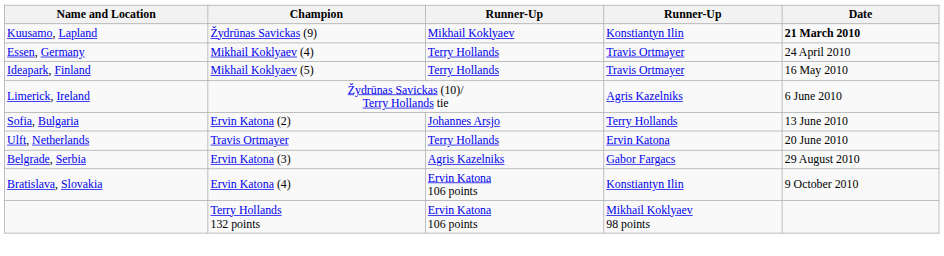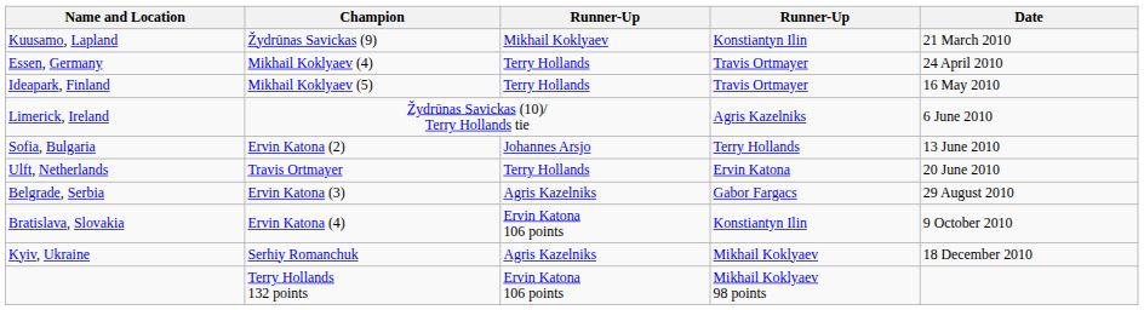 <table class="wikitable" style="display: inline-table;width: 100%;">
 <tr>
 <th scope="col">Name and Location</th>
 <th scope="col">Champion</th>
 <th scope="col">Runner-Up</th>
 <th scope="col">Runner-Up</th>
 <th scope="col">Date</th>
 </tr>
 <tr>
 <td> <a href='#'>Kuusamo</a>, <a href='#'>Lapland</a> <br></td>
 <td> <a href='#'>Žydrūnas Savickas</a> (9)</td>
 <td> <a href='#'>Mikhail Koklyaev</a></td>
 <td> <a href='#'>Konstiantyn Ilin</a></td>
-<td><strong>21 March 2010</strong></td>
+<td>21 March 2010</td>
 </tr>
 <tr>
 <td> <a href='#'>Essen</a>, <a href='#'>Germany</a> <br></td>
 <td> <a href='#'>Mikhail Koklyaev</a> (4)</td>
 <td> <a href='#'>Terry Hollands</a></td>
 <td> <a href='#'>Travis Ortmayer</a></td>
 <td>24 April 2010</td>
 </tr>
 <tr>
 <td> <a href='#'>Ideapark</a>, <a href='#'>Finland</a><br> </td>
 <td> <a href='#'>Mikhail Koklyaev</a> (5)</td>
 <td> <a href='#'>Terry Hollands</a></td>
 <td> <a href='#'>Travis Ortmayer</a></td>
 <td>16 May 2010</td>
 </tr>
 <tr>
 <td> <a href='#'>Limerick</a>, <a href='#'>Ireland</a><br> </td>
 <td colspan=2 align=center> <a href='#'>Žydrūnas Savickas</a> (10)/<br> <a href='#'>Terry Hollands</a> tie</td>
 <td> <a href='#'>Agris Kazelniks</a></td>
 <td>6 June 2010</td>
 </tr>
 <tr>
 <td> <a href='#'>Sofia</a>, <a href='#'>Bulgaria</a><br> </td>
 <td> <a href='#'>Ervin Katona</a> (2)</td>
 <td> <a href='#'>Johannes Arsjo</a></td>
 <td> <a href='#'>Terry Hollands</a></td>
 <td>13 June 2010</td>
 </tr>
 <tr>
 <td> <a href='#'>Ulft</a>, <a href='#'>Netherlands</a><br> </td>
 <td> <a href='#'>Travis Ortmayer</a></td>
 <td> <a href='#'>Terry Hollands</a></td>
 <td> <a href='#'>Ervin Katona</a></td>
 <td>20 June 2010</td>
 </tr>
 <tr>
 <td> <a href='#'>Belgrade</a>, <a href='#'>Serbia</a><br> </td>
 <td> <a href='#'>Ervin Katona</a> (3)</td>
 <td> <a href='#'>Agris Kazelniks</a></td>
 <td> <a href='#'>Gabor Fargacs</a></td>
 <td>29 August 2010</td>
 </tr>
 <tr>
 <td> <a href='#'>Bratislava</a>, <a href='#'>Slovakia</a><br> </td>
 <td> <a href='#'>Ervin Katona</a> (4)</td>
 <td> <a href='#'>Ervin Katona</a><br>  106 points</td>
 <td> <a href='#'>Konstiantyn Ilin</a></td>
 <td>9 October 2010</td>
 </tr>
 <tr>
+<td> <a href='#'>Kyiv</a>, <a href='#'>Ukraine</a> </td>
+<td> <a href='#'>Serhiy Romanchuk</a></td>
+<td> <a href='#'>Agris Kazelniks</a></td>
+<td> <a href='#'>Mikhail Koklyaev</a></td>
+<td>18 December 2010</td>
+</tr>
+<tr>
 <td></td>
 <td> <a href='#'>Terry Hollands</a><br>  132 points</td>
 <td> <a href='#'>Ervin Katona</a><br>  106 points</td>
 <td> <a href='#'>Mikhail Koklyaev</a><br>  98 points</td>
 <td></td>
 </tr>
 </table>
